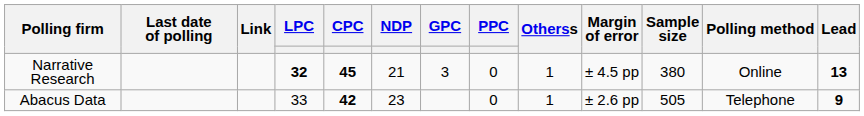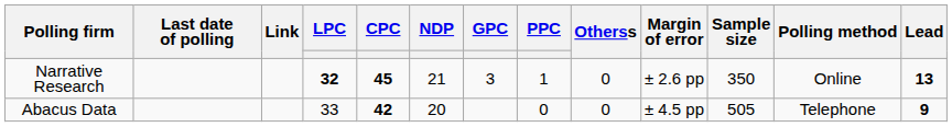 <table class="wikitable sortable mw-datatable" style="text-align:center;font-size:90%;line-height:14px;">
 <tr style="height:40px;">
 <th style="width:105px;" rowspan="2">Polling firm</th>
 <th style="width:105px;" rowspan="2">Last date<br>of polling</th>
 <th rowspan="2">Link</th>
 <th style="width:40px;"><a href='#'>LPC</a></th>
 <th style="width:40px;"><a href='#'>CPC</a></th>
 <th style="width:40px;"><a href='#'>NDP</a></th>
 <th style="width:40px;"><a href='#'>GPC</a></th>
 <th style="width:40px;"><a href='#'>PPC</a></th>
 <th rowspan="2" style="width:40px"><a href='#'>Others</a>s</th>
 <th rowspan="2">Margin<br>of error</th>
 <th rowspan="2">Sample<br>size</th>
 <th rowspan="2">Polling method</th>
 <th rowspan="2">Lead</th>
 </tr>
 <tr class="sorttop">
 <th style="background:"></th>
 <th style="background:"></th>
 <th style="background:"></th>
 <th style="background:"></th>
 <th style="background:"></th>
 </tr>
 <tr>
 <td>Narrative Research</td>
 <td></td>
 <td></td>
 <td><strong>32</strong></td>
 <td><strong>45</strong></td>
 <td>21</td>
 <td>3</td>
+<td>1</td>
 <td>0</td>
-<td>1</td>
-<td>± 4.5 pp</td>
-<td>380</td>
+<td>± 2.6 pp</td>
+<td>350</td>
 <td>Online</td>
 <td><strong>13</strong></td>
 </tr>
 <tr>
 <td>Abacus Data</td>
 <td></td>
 <td></td>
 <td>33</td>
 <td><strong>42</strong></td>
-<td>23</td>
+<td>20</td>
 <td></td>
 <td>0</td>
-<td>1</td>
-<td>± 2.6 pp</td>
+<td>0</td>
+<td>± 4.5 pp</td>
 <td>505</td>
 <td>Telephone</td>
 <td><strong>9</strong></td>
 </tr>
 </table>
